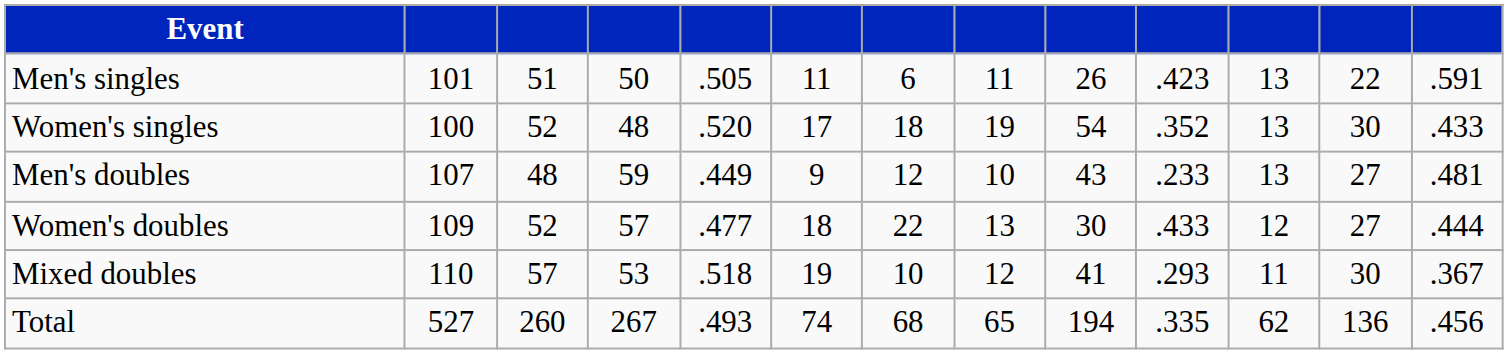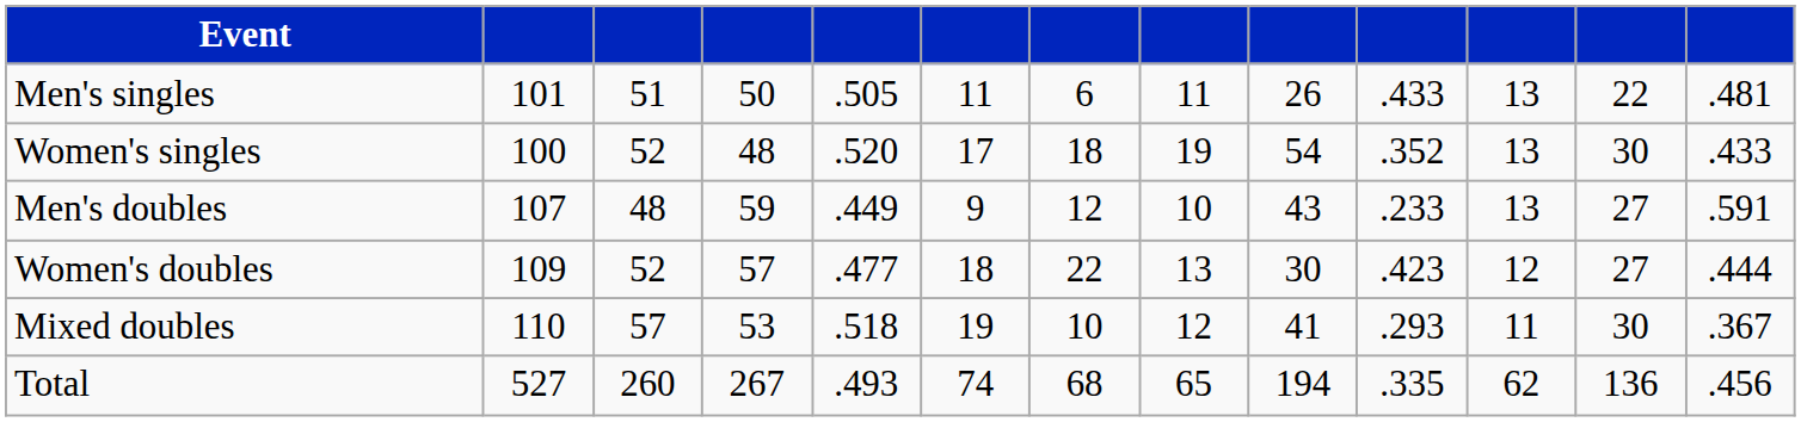 <table class="wikitable" style="text-align:center">
 <tr>
 <th style="background:#0025BD; color:white" width="200px">Event</th>
 <th style="background:#0025BD; color:white" width="40px"></th>
 <th style="background:#0025BD; color:white" width="40px"></th>
 <th style="background:#0025BD; color:white" width="40px"></th>
 <th style="background:#0025BD; color:white" width="40px"></th>
 <th style="background:#0025BD; color:white" width="40px"></th>
 <th style="background:#0025BD; color:white" width="40px"></th>
 <th style="background:#0025BD; color:white" width="40px"></th>
 <th style="background:#0025BD; color:white" width="40px"></th>
 <th style="background:#0025BD; color:white" width="40px"></th>
 <th style="background:#0025BD; color:white" width="40px"></th>
 <th style="background:#0025BD; color:white" width="40px"></th>
 <th style="background:#0025BD; color:white" width="40px"></th>
 </tr>
 <tr>
 <td style="text-align:left">Men's singles</td>
 <td>101</td>
 <td>51</td>
 <td>50</td>
 <td>.505</td>
 <td>11</td>
 <td>6</td>
 <td>11</td>
 <td>26</td>
-<td>.423</td>
+<td>.433</td>
 <td>13</td>
 <td>22</td>
-<td>.591</td>
+<td>.481</td>
 </tr>
 <tr>
 <td style="text-align:left">Women's singles</td>
 <td>100</td>
 <td>52</td>
 <td>48</td>
 <td>.520</td>
 <td>17</td>
 <td>18</td>
 <td>19</td>
 <td>54</td>
 <td>.352</td>
 <td>13</td>
 <td>30</td>
 <td>.433</td>
 </tr>
 <tr>
 <td style="text-align:left">Men's doubles</td>
 <td>107</td>
 <td>48</td>
 <td>59</td>
 <td>.449</td>
 <td>9</td>
 <td>12</td>
 <td>10</td>
 <td>43</td>
 <td>.233</td>
 <td>13</td>
 <td>27</td>
-<td>.481</td>
+<td>.591</td>
 </tr>
 <tr>
 <td style="text-align:left">Women's doubles</td>
 <td>109</td>
 <td>52</td>
 <td>57</td>
 <td>.477</td>
 <td>18</td>
 <td>22</td>
 <td>13</td>
 <td>30</td>
-<td>.433</td>
+<td>.423</td>
 <td>12</td>
 <td>27</td>
 <td>.444</td>
 </tr>
 <tr>
 <td style="text-align:left">Mixed doubles</td>
 <td>110</td>
 <td>57</td>
 <td>53</td>
 <td>.518</td>
 <td>19</td>
 <td>10</td>
 <td>12</td>
 <td>41</td>
 <td>.293</td>
 <td>11</td>
 <td>30</td>
 <td>.367</td>
 </tr>
 <tr>
 <td style="text-align:left">Total</td>
 <td>527</td>
 <td>260</td>
 <td>267</td>
 <td>.493</td>
 <td>74</td>
 <td>68</td>
 <td>65</td>
 <td>194</td>
 <td>.335</td>
 <td>62</td>
 <td>136</td>
 <td>.456</td>
 </tr>
 </table>
